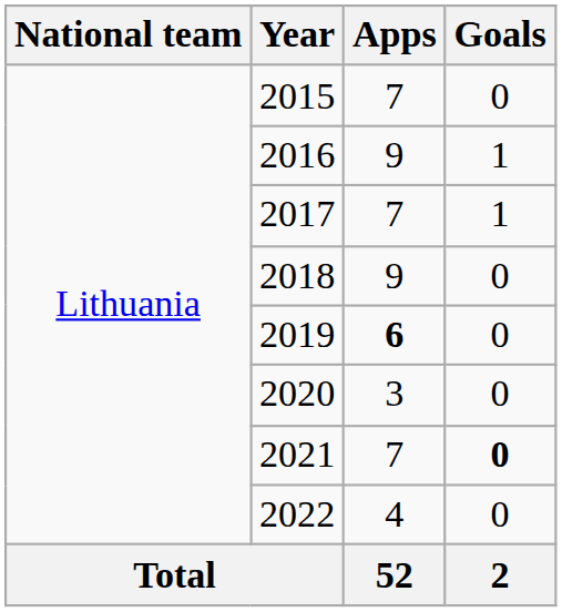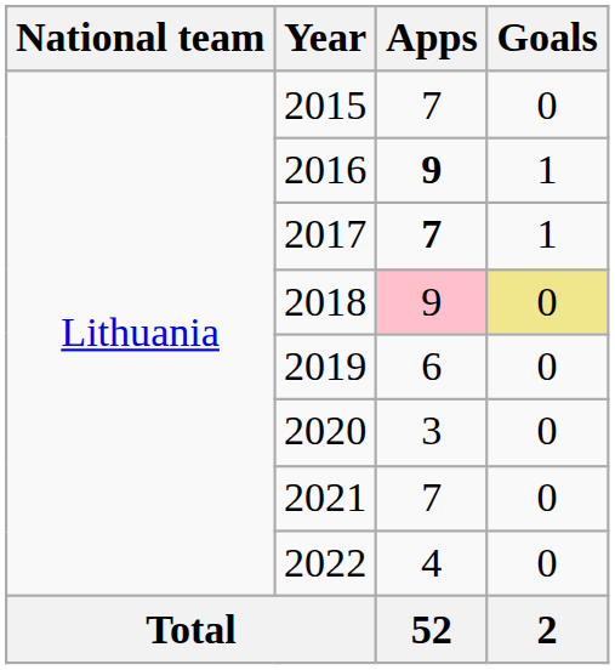 <table class=wikitable style="text-align: center;">
 <tr>
 <th>National team</th>
 <th>Year</th>
 <th>Apps</th>
 <th>Goals</th>
 </tr>
 <tr>
 <td rowspan="8"><a href='#'>Lithuania</a></td>
 <td>2015</td>
 <td>7</td>
 <td>0</td>
 </tr>
 <tr>
 <td>2016</td>
-<td>9</td>
+<td><strong>9</strong></td>
 <td>1</td>
 </tr>
 <tr>
 <td>2017</td>
-<td>7</td>
+<td><strong>7</strong></td>
 <td>1</td>
 </tr>
 <tr>
 <td>2018</td>
-<td>9</td>
-<td>0</td>
+<td style="background: pink;">9</td>
+<td style="background: khaki;">0</td>
 </tr>
 <tr>
 <td>2019</td>
-<td><strong>6</strong></td>
+<td>6</td>
 <td>0</td>
 </tr>
 <tr>
 <td>2020</td>
 <td>3</td>
 <td>0</td>
 </tr>
 <tr>
 <td>2021</td>
 <td>7</td>
-<td><strong>0</strong></td>
+<td>0</td>
 </tr>
 <tr>
 <td>2022</td>
 <td>4</td>
 <td>0</td>
 </tr>
 <tr>
 <th colspan=2>Total</th>
 <th>52</th>
 <th>2</th>
 </tr>
 </table>
